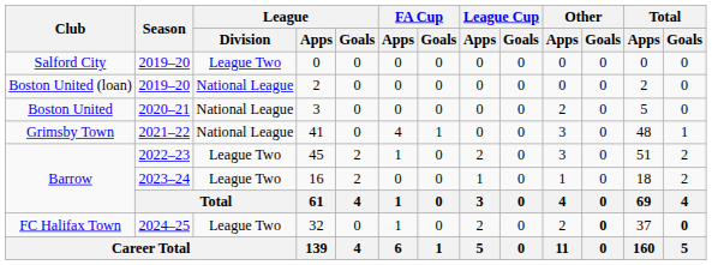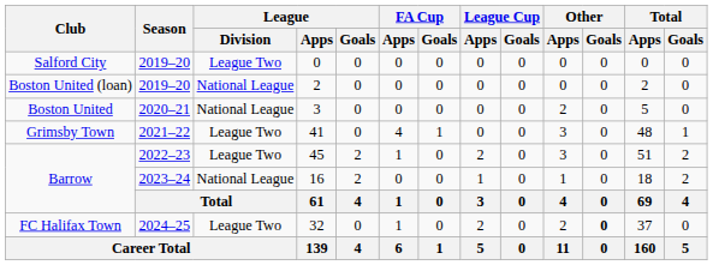 <table class="wikitable" style="text-align:center">
 <tr>
 <th rowspan="2">Club</th>
 <th rowspan="2">Season</th>
 <th colspan="3">League</th>
 <th colspan="2"><a href='#'>FA Cup</a></th>
 <th colspan="2"><a href='#'>League Cup</a></th>
 <th colspan="2">Other</th>
 <th colspan="2">Total</th>
 </tr>
 <tr>
 <th>Division</th>
 <th>Apps</th>
 <th>Goals</th>
 <th>Apps</th>
 <th>Goals</th>
 <th>Apps</th>
 <th>Goals</th>
 <th>Apps</th>
 <th>Goals</th>
 <th>Apps</th>
 <th>Goals</th>
 </tr>
 <tr>
 <td><a href='#'>Salford City</a></td>
 <td><a href='#'>2019–20</a></td>
 <td><a href='#'>League Two</a></td>
 <td>0</td>
 <td>0</td>
 <td>0</td>
 <td>0</td>
 <td>0</td>
 <td>0</td>
 <td>0</td>
 <td>0</td>
 <td>0</td>
 <td>0</td>
 </tr>
 <tr>
 <td><a href='#'>Boston United</a> (loan)</td>
 <td><a href='#'>2019–20</a></td>
 <td><a href='#'>National League</a></td>
 <td>2</td>
 <td>0</td>
 <td>0</td>
 <td>0</td>
 <td>0</td>
 <td>0</td>
 <td>0</td>
 <td>0</td>
 <td>2</td>
 <td>0</td>
 </tr>
 <tr>
 <td><a href='#'>Boston United</a></td>
 <td><a href='#'>2020–21</a></td>
 <td>National League</td>
 <td>3</td>
 <td>0</td>
 <td>0</td>
 <td>0</td>
 <td>0</td>
 <td>0</td>
 <td>2</td>
 <td>0</td>
 <td>5</td>
 <td>0</td>
 </tr>
 <tr>
 <td><a href='#'>Grimsby Town</a></td>
 <td><a href='#'>2021–22</a></td>
-<td>National League</td>
+<td>League Two</td>
 <td>41</td>
 <td>0</td>
 <td>4</td>
 <td>1</td>
 <td>0</td>
 <td>0</td>
 <td>3</td>
 <td>0</td>
 <td>48</td>
 <td>1</td>
 </tr>
 <tr>
 <td rowspan="3"><a href='#'>Barrow</a></td>
 <td><a href='#'>2022–23</a></td>
 <td>League Two</td>
 <td>45</td>
 <td>2</td>
 <td>1</td>
 <td>0</td>
 <td>2</td>
 <td>0</td>
 <td>3</td>
 <td>0</td>
 <td>51</td>
 <td>2</td>
 </tr>
 <tr>
 <td><a href='#'>2023–24</a></td>
-<td>League Two</td>
+<td>National League</td>
 <td>16</td>
 <td>2</td>
 <td>0</td>
 <td>0</td>
 <td>1</td>
 <td>0</td>
 <td>1</td>
 <td>0</td>
 <td>18</td>
 <td>2</td>
 </tr>
 <tr>
 <th colspan="2">Total</th>
 <th>61</th>
 <th>4</th>
 <th>1</th>
 <th>0</th>
 <th>3</th>
 <th>0</th>
 <th>4</th>
 <th>0</th>
 <th>69</th>
 <th>4</th>
 </tr>
 <tr>
 <td><a href='#'>FC Halifax Town</a></td>
 <td><a href='#'>2024–25</a></td>
 <td>League Two</td>
 <td>32</td>
 <td>0</td>
 <td>1</td>
 <td>0</td>
 <td>2</td>
 <td>0</td>
 <td>2</td>
 <td><strong>0</strong></td>
 <td>37</td>
-<td><strong>0</strong></td>
+<td>0</td>
 </tr>
 <tr>
 <th colspan="3">Career Total</th>
 <th>139</th>
 <th>4</th>
 <th>6</th>
 <th>1</th>
 <th>5</th>
 <th>0</th>
 <th>11</th>
 <th>0</th>
 <th>160</th>
 <th>5</th>
 </tr>
 </table>
